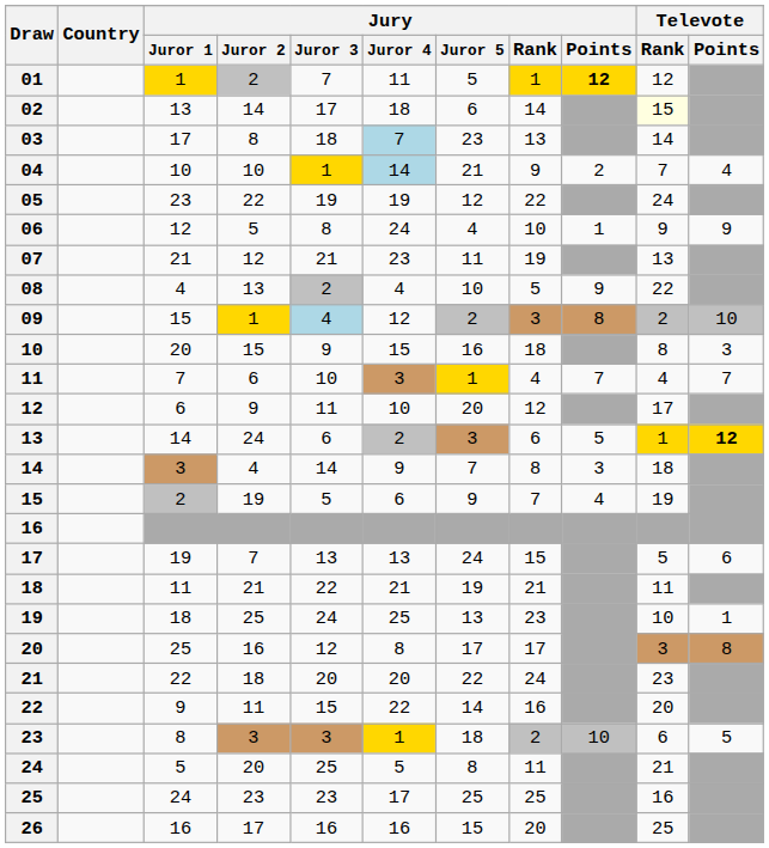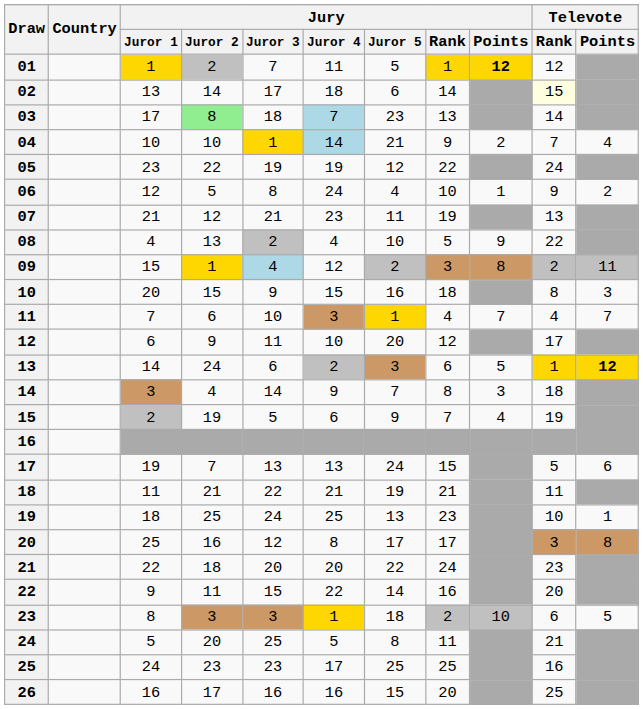 <table class="sortable wikitable collapsible plainrowheaders" style="text-align:center;">
 <tr>
 </tr>
 <tr>
 <th scope="col" rowspan="2">Draw</th>
 <th scope="col" rowspan="2">Country</th>
 <th scope="col" colspan="7">Jury</th>
 <th scope="col" colspan="2">Televote</th>
 </tr>
 <tr>
 <th scope="col"><small>Juror 1</small></th>
 <th scope="col"><small>Juror 2</small></th>
 <th scope="col"><small>Juror 3</small></th>
 <th scope="col"><small>Juror 4</small></th>
 <th scope="col"><small>Juror 5</small></th>
 <th scope="col">Rank</th>
 <th scope="col">Points</th>
 <th scope="col">Rank</th>
 <th scope="col">Points</th>
 </tr>
 <tr>
 <th scope="row" style="text-align:center;">01</th>
 <td style="text-align:left;"></td>
 <td style="background:gold;">1</td>
 <td style="background:silver;">2</td>
 <td>7</td>
 <td>11</td>
 <td>5</td>
 <td style="background:gold;">1</td>
 <td style="background:gold;"><strong>12</strong></td>
 <td>12</td>
 <td style="background:#AAAAAA;"></td>
 </tr>
 <tr>
 <th scope="row" style="text-align:center;">02</th>
 <td style="text-align:left;"></td>
 <td>13</td>
 <td>14</td>
 <td>17</td>
 <td>18</td>
 <td>6</td>
 <td>14</td>
 <td style="background:#AAAAAA;"></td>
 <td style="background: lightyellow;">15</td>
 <td style="background:#AAAAAA;"></td>
 </tr>
 <tr>
 <th scope="row" style="text-align:center;">03</th>
 <td style="text-align:left;"></td>
 <td>17</td>
-<td>8</td>
+<td style="background: lightgreen;">8</td>
 <td>18</td>
 <td style="background: lightblue;">7</td>
 <td>23</td>
 <td>13</td>
 <td style="background:#AAAAAA;"></td>
 <td>14</td>
 <td style="background:#AAAAAA;"></td>
 </tr>
 <tr>
 <th scope="row" style="text-align:center;">04</th>
 <td style="text-align:left;"></td>
 <td>10</td>
 <td>10</td>
 <td style="background:gold;">1</td>
 <td style="background: lightblue;">14</td>
 <td>21</td>
 <td>9</td>
 <td>2</td>
 <td>7</td>
 <td>4</td>
 </tr>
 <tr>
 <th scope="row" style="text-align:center;">05</th>
 <td style="text-align:left;"></td>
 <td>23</td>
 <td>22</td>
 <td>19</td>
 <td>19</td>
 <td>12</td>
 <td>22</td>
 <td style="background:#AAAAAA;"></td>
 <td>24</td>
 <td style="background:#AAAAAA;"></td>
 </tr>
 <tr>
 <th scope="row" style="text-align:center;">06</th>
 <td style="text-align:left;"></td>
 <td>12</td>
 <td>5</td>
 <td>8</td>
 <td>24</td>
 <td>4</td>
 <td>10</td>
 <td>1</td>
 <td>9</td>
-<td>9</td>
+<td>2</td>
 </tr>
 <tr>
 <th scope="row" style="text-align:center;">07</th>
 <td style="text-align:left;"></td>
 <td>21</td>
 <td>12</td>
 <td>21</td>
 <td>23</td>
 <td>11</td>
 <td>19</td>
 <td style="background:#AAAAAA;"></td>
 <td>13</td>
 <td style="background:#AAAAAA;"></td>
 </tr>
 <tr>
 <th scope="row" style="text-align:center;">08</th>
 <td style="text-align:left;"></td>
 <td>4</td>
 <td>13</td>
 <td style="background:silver;">2</td>
 <td>4</td>
 <td>10</td>
 <td>5</td>
 <td>9</td>
 <td>22</td>
 <td style="background:#AAAAAA;"></td>
 </tr>
 <tr>
 <th scope="row" style="text-align:center;">09</th>
 <td style="text-align:left;"></td>
 <td>15</td>
 <td style="background:gold;">1</td>
 <td style="background: lightblue;">4</td>
 <td>12</td>
 <td style="background:silver;">2</td>
 <td style="background:#CC9966;">3</td>
 <td style="background:#CC9966;">8</td>
 <td style="background:silver;">2</td>
-<td style="background:silver;">10</td>
+<td style="background:silver;">11</td>
 </tr>
 <tr>
 <th scope="row" style="text-align:center;">10</th>
 <td style="text-align:left;"></td>
 <td>20</td>
 <td>15</td>
 <td>9</td>
 <td>15</td>
 <td>16</td>
 <td>18</td>
 <td style="background:#AAAAAA;"></td>
 <td>8</td>
 <td>3</td>
 </tr>
 <tr>
 <th scope="row" style="text-align:center;">11</th>
 <td style="text-align:left;"></td>
 <td>7</td>
 <td>6</td>
 <td>10</td>
 <td style="background:#CC9966;">3</td>
 <td style="background:gold;">1</td>
 <td>4</td>
 <td>7</td>
 <td>4</td>
 <td>7</td>
 </tr>
 <tr>
 <th scope="row" style="text-align:center;">12</th>
 <td style="text-align:left;"></td>
 <td>6</td>
 <td>9</td>
 <td>11</td>
 <td>10</td>
 <td>20</td>
 <td>12</td>
 <td style="background:#AAAAAA;"></td>
 <td>17</td>
 <td style="background:#AAAAAA;"></td>
 </tr>
 <tr>
 <th scope="row" style="text-align:center;">13</th>
 <td style="text-align:left;"></td>
 <td>14</td>
 <td>24</td>
 <td>6</td>
 <td style="background:silver;">2</td>
 <td style="background:#CC9966;">3</td>
 <td>6</td>
 <td>5</td>
 <td style="background:gold;">1</td>
 <td style="background:gold;"><strong>12</strong></td>
 </tr>
 <tr>
 <th scope="row" style="text-align:center;">14</th>
 <td style="text-align:left;"></td>
 <td style="background:#CC9966;">3</td>
 <td>4</td>
 <td>14</td>
 <td>9</td>
 <td>7</td>
 <td>8</td>
 <td>3</td>
 <td>18</td>
 <td style="background:#AAAAAA;"></td>
 </tr>
 <tr>
 <th scope="row" style="text-align:center;">15</th>
 <td style="text-align:left;"></td>
 <td style="background:silver;">2</td>
 <td>19</td>
 <td>5</td>
 <td>6</td>
 <td>9</td>
 <td>7</td>
 <td>4</td>
 <td>19</td>
 <td style="background:#AAAAAA;"></td>
 </tr>
 <tr class=sortbottom>
 <th scope="row" style="text-align:center;">16</th>
 <td style="text-align:left;"></td>
 <td style="background:#AAAAAA;"></td>
 <td style="background:#AAAAAA;"></td>
 <td style="background:#AAAAAA;"></td>
 <td style="background:#AAAAAA;"></td>
 <td style="background:#AAAAAA;"></td>
 <td style="background:#AAAAAA;"></td>
 <td style="background:#AAAAAA;"></td>
 <td style="background:#AAAAAA;"></td>
 <td style="background:#AAAAAA;"></td>
 </tr>
 <tr>
 <th scope="row" style="text-align:center;">17</th>
 <td style="text-align:left;"></td>
 <td>19</td>
 <td>7</td>
 <td>13</td>
 <td>13</td>
 <td>24</td>
 <td>15</td>
 <td style="background:#AAAAAA;"></td>
 <td>5</td>
 <td>6</td>
 </tr>
 <tr>
 <th scope="row" style="text-align:center;">18</th>
 <td style="text-align:left;"></td>
 <td>11</td>
 <td>21</td>
 <td>22</td>
 <td>21</td>
 <td>19</td>
 <td>21</td>
 <td style="background:#AAAAAA;"></td>
 <td>11</td>
 <td style="background:#AAAAAA;"></td>
 </tr>
 <tr>
 <th scope="row" style="text-align:center;">19</th>
 <td style="text-align:left;"></td>
 <td>18</td>
 <td>25</td>
 <td>24</td>
 <td>25</td>
 <td>13</td>
 <td>23</td>
 <td style="background:#AAAAAA;"></td>
 <td>10</td>
 <td>1</td>
 </tr>
 <tr>
 <th scope="row" style="text-align:center;">20</th>
 <td style="text-align:left;"></td>
 <td>25</td>
 <td>16</td>
 <td>12</td>
 <td>8</td>
 <td>17</td>
 <td>17</td>
 <td style="background:#AAAAAA;"></td>
 <td style="background:#CC9966;">3</td>
 <td style="background:#CC9966;">8</td>
 </tr>
 <tr>
 <th scope="row" style="text-align:center;">21</th>
 <td style="text-align:left;"></td>
 <td>22</td>
 <td>18</td>
 <td>20</td>
 <td>20</td>
 <td>22</td>
 <td>24</td>
 <td style="background:#AAAAAA;"></td>
 <td>23</td>
 <td style="background:#AAAAAA;"></td>
 </tr>
 <tr>
 <th scope="row" style="text-align:center;">22</th>
 <td style="text-align:left;"></td>
 <td>9</td>
 <td>11</td>
 <td>15</td>
 <td>22</td>
 <td>14</td>
 <td>16</td>
 <td style="background:#AAAAAA;"></td>
 <td>20</td>
 <td style="background:#AAAAAA;"></td>
 </tr>
 <tr>
 <th scope="row" style="text-align:center;">23</th>
 <td style="text-align:left;"></td>
 <td>8</td>
 <td style="background:#CC9966;">3</td>
 <td style="background:#CC9966;">3</td>
 <td style="background:gold;">1</td>
 <td>18</td>
 <td style="background:silver;">2</td>
 <td style="background:silver;">10</td>
 <td>6</td>
 <td>5</td>
 </tr>
 <tr>
 <th scope="row" style="text-align:center;">24</th>
 <td style="text-align:left;"></td>
 <td>5</td>
 <td>20</td>
 <td>25</td>
 <td>5</td>
 <td>8</td>
 <td>11</td>
 <td style="background:#AAAAAA;"></td>
 <td>21</td>
 <td style="background:#AAAAAA;"></td>
 </tr>
 <tr>
 <th scope="row" style="text-align:center;">25</th>
 <td style="text-align:left;"></td>
 <td>24</td>
 <td>23</td>
 <td>23</td>
 <td>17</td>
 <td>25</td>
 <td>25</td>
 <td style="background:#AAAAAA;"></td>
 <td>16</td>
 <td style="background:#AAAAAA;"></td>
 </tr>
 <tr>
 <th scope="row" style="text-align:center;">26</th>
 <td style="text-align:left;"></td>
 <td>16</td>
 <td>17</td>
 <td>16</td>
 <td>16</td>
 <td>15</td>
 <td>20</td>
 <td style="background:#AAAAAA;"></td>
 <td>25</td>
 <td style="background:#AAAAAA;"></td>
 </tr>
 </table>
